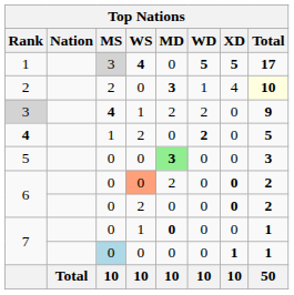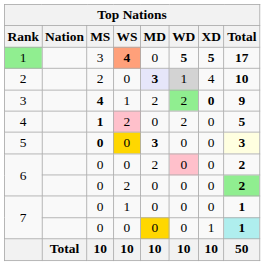 <table class="wikitable" style="text-align:center">
 <tr>
 <th colspan=10>Top Nations</th>
 </tr>
 <tr>
 <th>Rank</th>
 <th>Nation</th>
 <th>MS</th>
 <th>WS</th>
 <th>MD</th>
 <th>WD</th>
 <th>XD</th>
 <th>Total</th>
 </tr>
 <tr>
-<td>1</td>
+<td style="background: lightgreen;">1</td>
 <td align=left></td>
-<td style="background: lightgrey;">3</td>
-<td><strong>4</strong></td>
+<td>3</td>
+<td style="background: lightsalmon;"><strong>4</strong></td>
 <td>0</td>
 <td><strong>5</strong></td>
 <td><strong>5</strong></td>
 <td><strong>17</strong></td>
 </tr>
 <tr>
 <td>2</td>
 <td align=left></td>
 <td>2</td>
 <td>0</td>
-<td><strong>3</strong></td>
-<td>1</td>
+<td style="background: lavender;"><strong>3</strong></td>
+<td style="background: lightgrey;">1</td>
 <td>4</td>
-<td style="background: lightyellow;"><strong>10</strong></td>
+<td><strong>10</strong></td>
 </tr>
 <tr align=center>
-<td style="background: lightgrey;">3</td>
+<td>3</td>
 <td align=left></td>
 <td><strong>4</strong></td>
 <td>1</td>
 <td>2</td>
-<td>2</td>
-<td>0</td>
+<td style="background: lightgreen;">2</td>
+<td><strong>0</strong></td>
 <td><strong>9</strong></td>
 </tr>
 <tr align=center>
-<td><strong>4</strong></td>
+<td>4</td>
 <td align=left></td>
-<td>1</td>
+<td><strong>1</strong></td>
+<td style="background: pink;">2</td>
+<td>0</td>
 <td>2</td>
-<td>0</td>
-<td><strong>2</strong></td>
 <td>0</td>
 <td><strong>5</strong></td>
 </tr>
 <tr align=center>
 <td>5</td>
 <td align=left></td>
+<td><strong>0</strong></td>
+<td style="background: gold;">0</td>
+<td><strong>3</strong></td>
 <td>0</td>
 <td>0</td>
-<td style="background: lightgreen;"><strong>3</strong></td>
-<td>0</td>
-<td>0</td>
-<td><strong>3</strong></td>
+<td style="background: lightyellow;"><strong>3</strong></td>
 </tr>
 <tr align=center>
 <td rowspan=2>6</td>
 <td align=left></td>
 <td>0</td>
-<td style="background: lightsalmon;">0</td>
+<td>0</td>
 <td>2</td>
+<td style="background: pink;">0</td>
 <td>0</td>
-<td><strong>0</strong></td>
 <td><strong>2</strong></td>
 </tr>
 <tr align=center>
 <td align=left></td>
 <td>0</td>
 <td>2</td>
 <td>0</td>
 <td>0</td>
-<td><strong>0</strong></td>
-<td><strong>2</strong></td>
+<td>0</td>
+<td style="background: lightgreen;"><strong>2</strong></td>
 </tr>
 <tr align=center>
 <td rowspan=2>7</td>
 <td align=left></td>
 <td>0</td>
 <td>1</td>
-<td><strong>0</strong></td>
+<td>0</td>
 <td>0</td>
 <td>0</td>
 <td><strong>1</strong></td>
 </tr>
 <tr align=center>
 <td align=left></td>
-<td style="background: lightblue;">0</td>
 <td>0</td>
 <td>0</td>
+<td style="background: gold;">0</td>
 <td>0</td>
-<td><strong>1</strong></td>
-<td><strong>1</strong></td>
+<td>1</td>
+<td style="background: paleturquoise;"><strong>1</strong></td>
 </tr>
 <tr align=center>
 <th></th>
 <th align=center>Total</th>
 <th>10</th>
 <th>10</th>
 <th>10</th>
 <th>10</th>
 <th>10</th>
 <th>50</th>
 </tr>
 </table>
